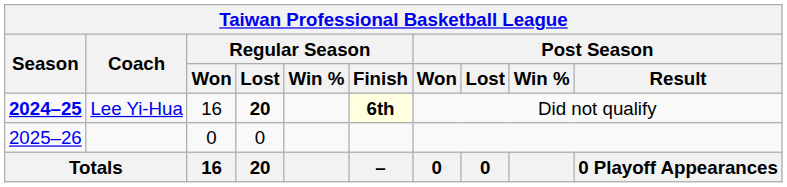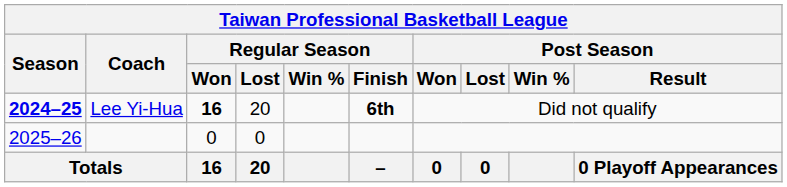 <table class="wikitable" style="font-size: 95%; text-align:center;">
 <tr>
 <th colspan="10"><a href='#'>Taiwan Professional Basketball League</a></th>
 </tr>
 <tr>
 <th rowspan="2">Season</th>
 <th rowspan="2">Coach</th>
 <th colspan="4">Regular Season</th>
 <th colspan="4">Post Season</th>
 </tr>
 <tr>
 <th>Won</th>
 <th>Lost</th>
 <th>Win %</th>
 <th>Finish</th>
 <th>Won</th>
 <th>Lost</th>
 <th>Win %</th>
 <th>Result</th>
 </tr>
 <tr>
 <td><strong><a href='#'>2024–25</a></strong></td>
 <td><a href='#'>Lee Yi-Hua</a></td>
-<td>16</td>
-<td><strong>20</strong></td>
+<td><strong>16</strong></td>
+<td>20</td>
 <td></td>
-<td style="background: lightyellow;"><strong>6th</strong></td>
+<td><strong>6th</strong></td>
 <td colspan="4">Did not qualify</td>
 </tr>
 <tr>
 <td><a href='#'>2025–26</a></td>
 <td></td>
 <td>0</td>
 <td>0</td>
 <td></td>
 <td></td>
 <td colspan="4"></td>
 </tr>
 <tr>
 <th colspan="2">Totals</th>
 <th>16</th>
 <th>20</th>
 <th></th>
 <th>–</th>
 <th>0</th>
 <th>0</th>
 <th></th>
 <th>0 Playoff Appearances</th>
 </tr>
 </table>
